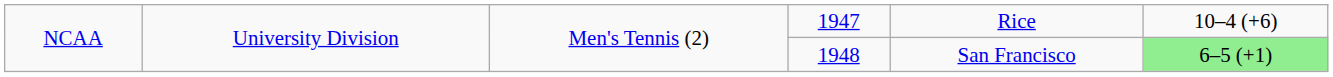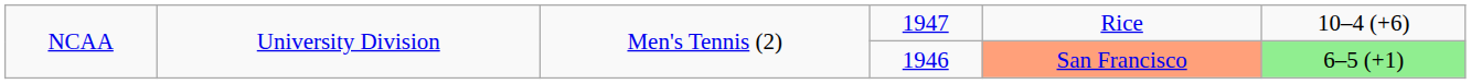 <table class="wikitable" width="80%">
 <tr align="center">
 <td rowspan="2"><a href='#'>NCAA</a></td>
 <td rowspan="2"><a href='#'>University Division</a></td>
 <td rowspan="2"><a href='#'>Men's Tennis</a> (2)</td>
 <td><a href='#'>1947</a></td>
 <td><a href='#'>Rice</a></td>
 <td>10–4 (+6)</td>
 </tr>
 <tr align="center">
-<td><a href='#'>1948</a></td>
-<td><a href='#'>San Francisco</a></td>
+<td><a href='#'>1946</a></td>
+<td style="background: lightsalmon;"><a href='#'>San Francisco</a></td>
 <td style="background: lightgreen;">6–5 (+1)</td>
 </tr>
 </table>
